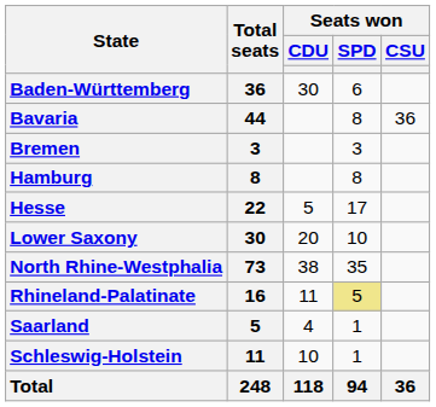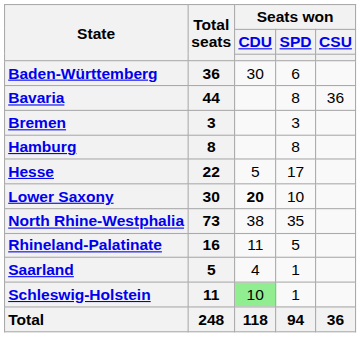 <table class="wikitable" style="text-align:center; font-size: 0.9em;">
 <tr>
 <th rowspan="3">State</th>
 <th rowspan="3">Total<br>seats</th>
 <th colspan="3">Seats won</th>
 </tr>
 <tr>
 <th class="unsortable" style="width:30px;"><a href='#'>CDU</a></th>
 <th class="unsortable" style="width:30px;"><a href='#'>SPD</a></th>
 <th class="unsortable" style="width:30px;"><a href='#'>CSU</a></th>
 </tr>
 <tr>
 <th style="background:"></th>
 <th style="background:"></th>
 <th style="background:"></th>
 </tr>
 <tr>
 <th style="text-align: left;"><a href='#'>Baden-Württemberg</a></th>
 <th>36</th>
 <td>30</td>
 <td>6</td>
 <td></td>
 </tr>
 <tr>
 <th style="text-align: left;"><a href='#'>Bavaria</a></th>
 <th>44</th>
 <td></td>
 <td>8</td>
 <td>36</td>
 </tr>
 <tr>
 <th style="text-align: left;"><a href='#'>Bremen</a></th>
 <th>3</th>
 <td></td>
 <td>3</td>
 <td></td>
 </tr>
 <tr>
 <th style="text-align: left;"><a href='#'>Hamburg</a></th>
 <th>8</th>
 <td></td>
 <td>8</td>
 <td></td>
 </tr>
 <tr>
 <th style="text-align: left;"><a href='#'>Hesse</a></th>
 <th>22</th>
 <td>5</td>
 <td>17</td>
 <td></td>
 </tr>
 <tr>
 <th style="text-align: left;"><a href='#'>Lower Saxony</a></th>
 <th>30</th>
-<td>20</td>
+<td><strong>20</strong></td>
 <td>10</td>
 <td></td>
 </tr>
 <tr>
 <th style="text-align: left;"><a href='#'>North Rhine-Westphalia</a></th>
 <th>73</th>
 <td>38</td>
 <td>35</td>
 <td></td>
 </tr>
 <tr>
 <th style="text-align: left;"><a href='#'>Rhineland-Palatinate</a></th>
 <th>16</th>
 <td>11</td>
-<td style="background: khaki;">5</td>
+<td>5</td>
 <td></td>
 </tr>
 <tr>
 <th style="text-align: left;"><a href='#'>Saarland</a></th>
 <th>5</th>
 <td>4</td>
 <td>1</td>
 <td></td>
 </tr>
 <tr>
 <th style="text-align: left;"><a href='#'>Schleswig-Holstein</a></th>
 <th>11</th>
-<td>10</td>
+<td style="background: lightgreen;">10</td>
 <td>1</td>
 <td></td>
 </tr>
 <tr class="sortbottom">
 <th style="text-align: left;">Total</th>
 <th>248</th>
 <th>118</th>
 <th>94</th>
 <th>36</th>
 </tr>
 </table>
